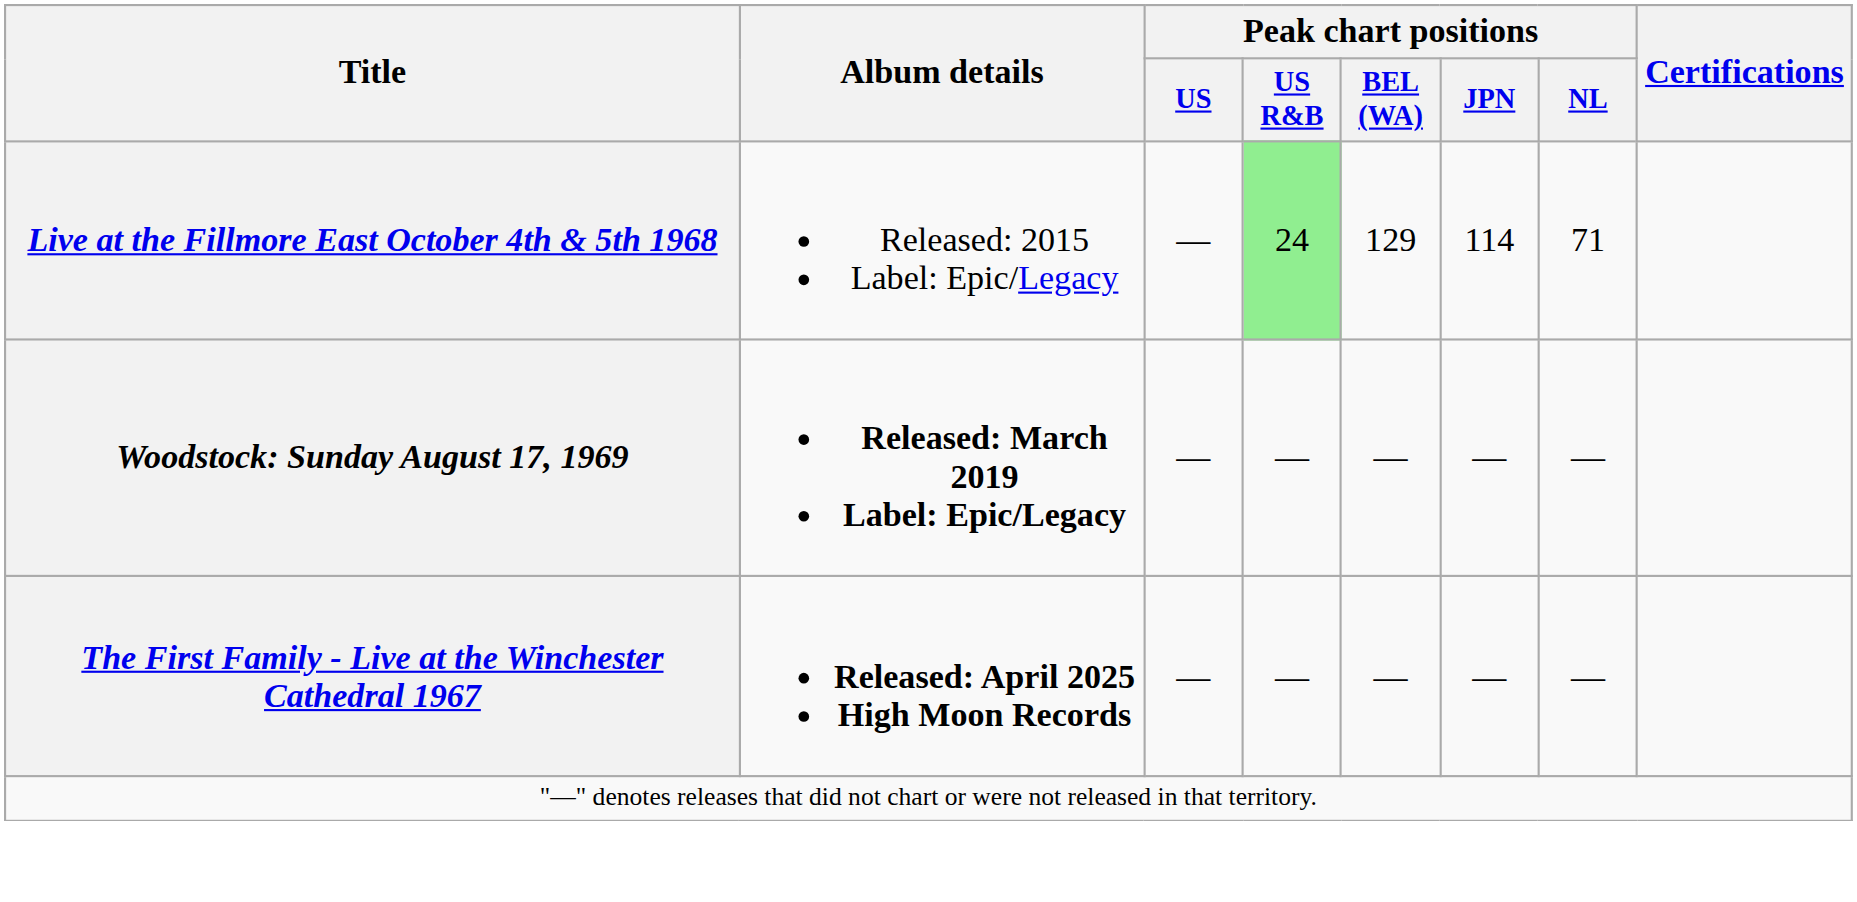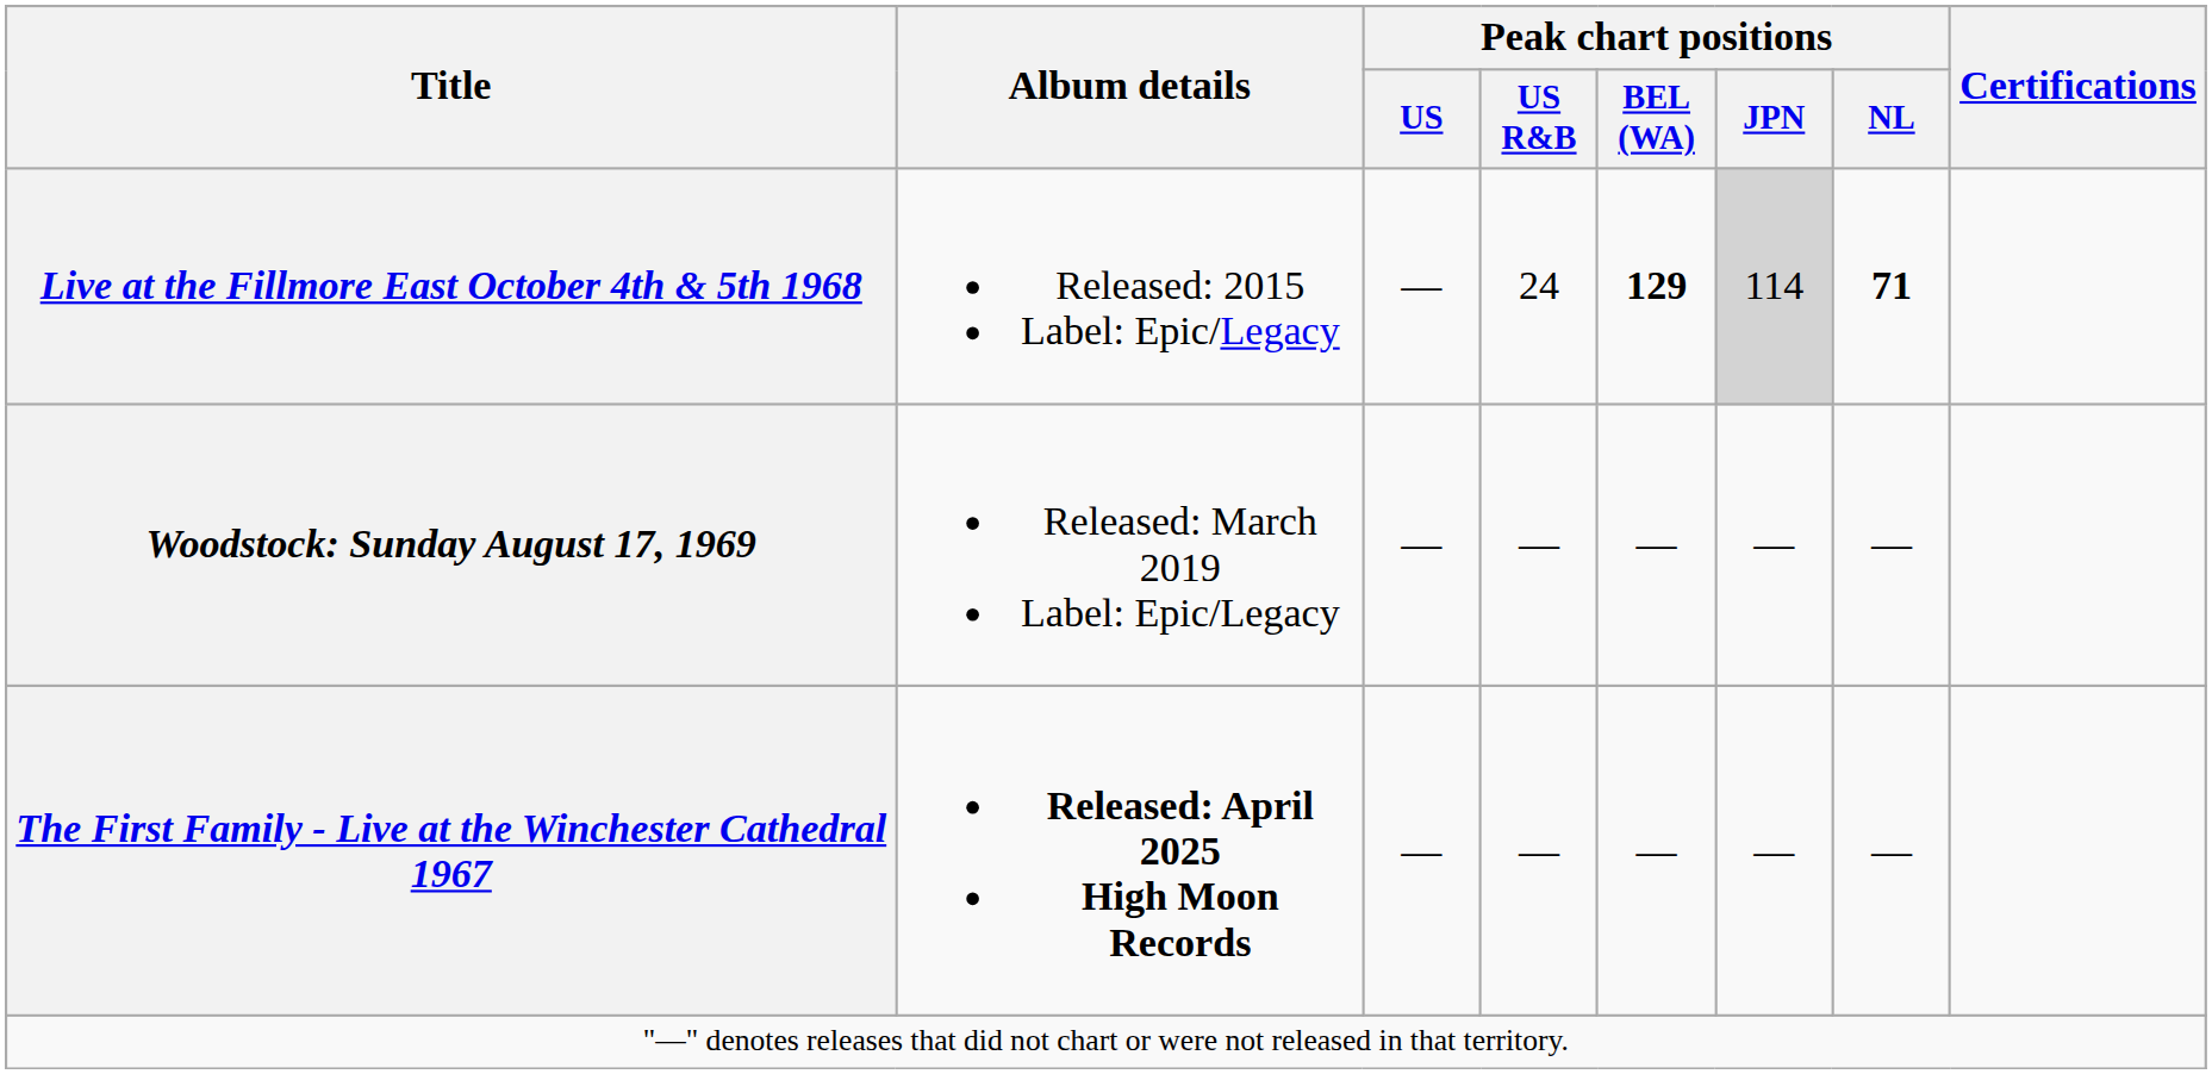 <table class="wikitable plainrowheaders" style="text-align:center;">
 <tr>
 <th rowspan="2">Title</th>
 <th rowspan="2">Album details</th>
 <th colspan="5">Peak chart positions</th>
 <th rowspan="2"><a href='#'>Certifications</a></th>
 </tr>
 <tr style="font-size:smaller;">
 <th style="width:3em;"><a href='#'>US</a><br></th>
 <th style="width:3em;"><a href='#'>US<br>R&B</a><br></th>
 <th style="width:3em;"><a href='#'>BEL<br>(WA)</a><br></th>
 <th style="width:3em;"><a href='#'>JPN</a><br></th>
 <th style="width:3em;"><a href='#'>NL</a><br></th>
 </tr>
 <tr>
 <th scope="row"><em><a href='#'>Live at the Fillmore East October&nbsp;4th & 5th 1968</a></em></th>
 <td><br><ul><li>Released: 2015</li><li>Label: Epic/<a href='#'>Legacy</a></li></ul></td>
 <td>—</td>
-<td style="background: lightgreen;">24</td>
-<td>129</td>
-<td>114</td>
-<td>71</td>
+<td>24</td>
+<td><strong>129</strong></td>
+<td style="background: lightgrey;">114</td>
+<td><strong>71</strong></td>
 <td></td>
 </tr>
 <tr>
 <th scope="row"><em>Woodstock: Sunday August 17, 1969</em></th>
-<td><strong><br><ul><li>Released: March 2019</li><li>Label: Epic/Legacy</li></ul></strong></td>
+<td><br><ul><li>Released: March 2019</li><li>Label: Epic/Legacy</li></ul></td>
 <td>—</td>
 <td>—</td>
 <td>—</td>
 <td>—</td>
 <td>—</td>
 <td></td>
 </tr>
 <tr>
 <th scope="row"><em><a href='#'>The First Family - Live at the Winchester Cathedral 1967</a></em></th>
 <td><strong><br><ul><li>Released: April 2025</li><li>High Moon Records</li></ul></strong></td>
 <td>—</td>
 <td>—</td>
 <td>—</td>
 <td>—</td>
 <td>—</td>
 <td></td>
 </tr>
 <tr>
 <td colspan="10" style="text-align:center; font-size:9pt;">"—" denotes releases that did not chart or were not released in that territory.</td>
 </tr>
 </table>
